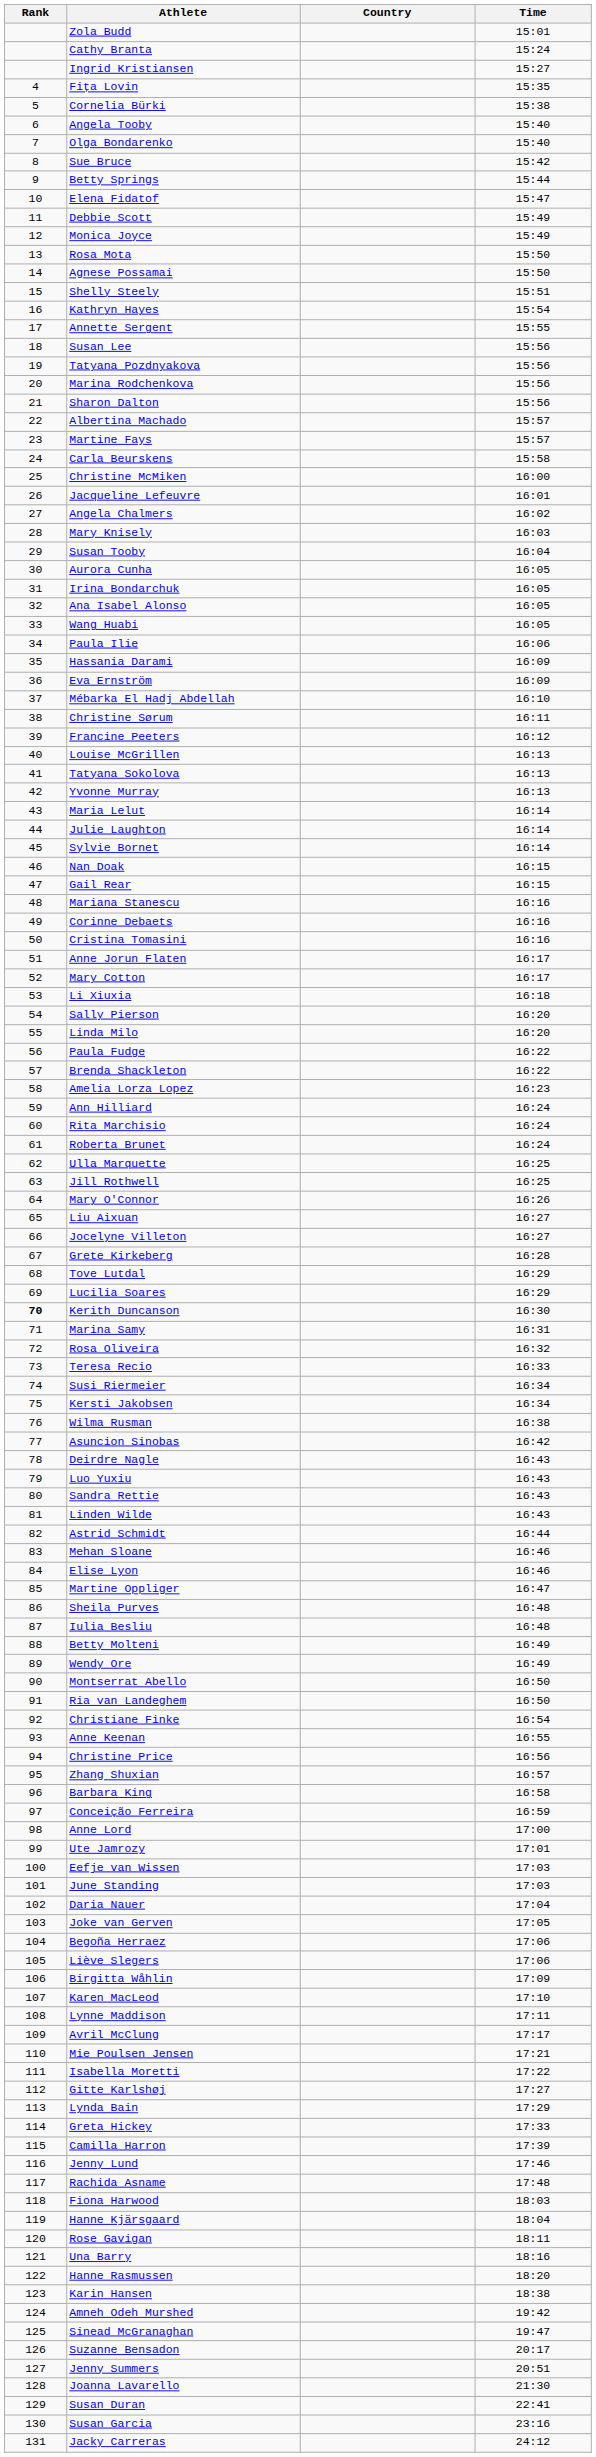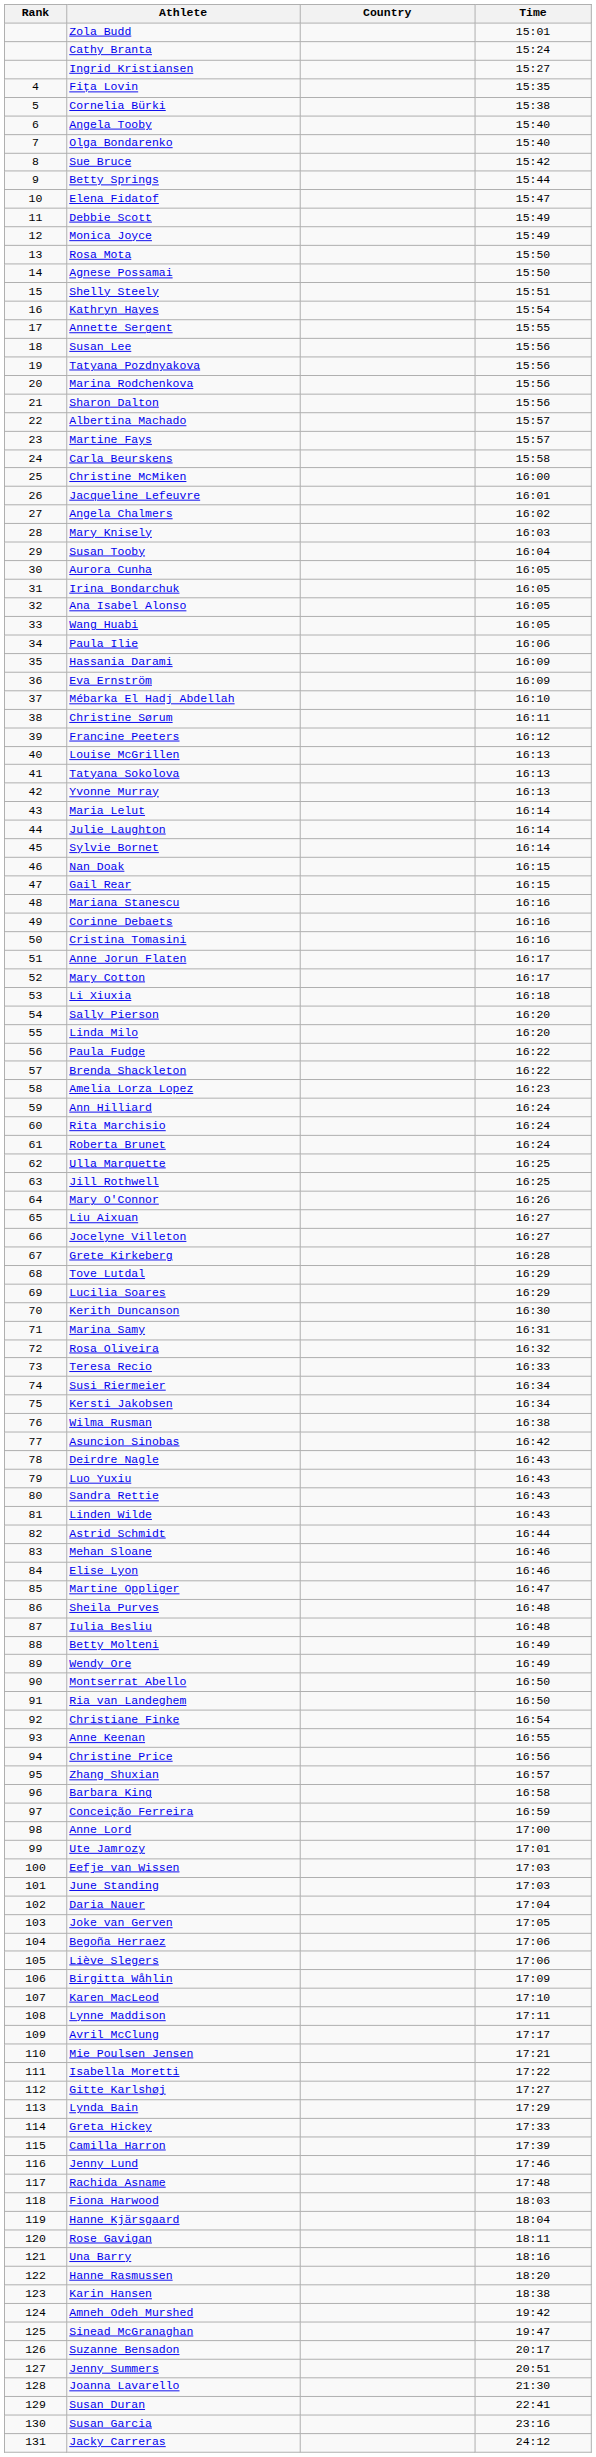 <table class="wikitable sortable" style=" text-align:center; font-size:95%;" width="50%">
 <tr>
 <th width=5%>Rank</th>
 <th width=20%>Athlete</th>
 <th width=15%>Country</th>
 <th width=10%>Time</th>
 </tr>
 <tr>
 <td align=center></td>
 <td align=left><a href='#'>Zola Budd</a></td>
 <td align=left></td>
 <td>15:01</td>
 </tr>
 <tr>
 <td align=center></td>
 <td align=left><a href='#'>Cathy Branta</a></td>
 <td align=left></td>
 <td>15:24</td>
 </tr>
 <tr>
 <td align=center></td>
 <td align=left><a href='#'>Ingrid Kristiansen</a></td>
 <td align=left></td>
 <td>15:27</td>
 </tr>
 <tr>
 <td align=center>4</td>
 <td align=left><a href='#'>Fiţa Lovin</a></td>
 <td align=left></td>
 <td>15:35</td>
 </tr>
 <tr>
 <td align=center>5</td>
 <td align=left><a href='#'>Cornelia Bürki</a></td>
 <td align=left></td>
 <td>15:38</td>
 </tr>
 <tr>
 <td align=center>6</td>
 <td align=left><a href='#'>Angela Tooby</a></td>
 <td align=left></td>
 <td>15:40</td>
 </tr>
 <tr>
 <td align=center>7</td>
 <td align=left><a href='#'>Olga Bondarenko</a></td>
 <td align=left></td>
 <td>15:40</td>
 </tr>
 <tr>
 <td align=center>8</td>
 <td align=left><a href='#'>Sue Bruce</a></td>
 <td align=left></td>
 <td>15:42</td>
 </tr>
 <tr>
 <td align=center>9</td>
 <td align=left><a href='#'>Betty Springs</a></td>
 <td align=left></td>
 <td>15:44</td>
 </tr>
 <tr>
 <td align=center>10</td>
 <td align=left><a href='#'>Elena Fidatof</a></td>
 <td align=left></td>
 <td>15:47</td>
 </tr>
 <tr>
 <td align=center>11</td>
 <td align=left><a href='#'>Debbie Scott</a></td>
 <td align=left></td>
 <td>15:49</td>
 </tr>
 <tr>
 <td align=center>12</td>
 <td align=left><a href='#'>Monica Joyce</a></td>
 <td align=left></td>
 <td>15:49</td>
 </tr>
 <tr>
 <td align=center>13</td>
 <td align=left><a href='#'>Rosa Mota</a></td>
 <td align=left></td>
 <td>15:50</td>
 </tr>
 <tr>
 <td align=center>14</td>
 <td align=left><a href='#'>Agnese Possamai</a></td>
 <td align=left></td>
 <td>15:50</td>
 </tr>
 <tr>
 <td align=center>15</td>
 <td align=left><a href='#'>Shelly Steely</a></td>
 <td align=left></td>
 <td>15:51</td>
 </tr>
 <tr>
 <td align=center>16</td>
 <td align=left><a href='#'>Kathryn Hayes</a></td>
 <td align=left></td>
 <td>15:54</td>
 </tr>
 <tr>
 <td align=center>17</td>
 <td align=left><a href='#'>Annette Sergent</a></td>
 <td align=left></td>
 <td>15:55</td>
 </tr>
 <tr>
 <td align=center>18</td>
 <td align=left><a href='#'>Susan Lee</a></td>
 <td align=left></td>
 <td>15:56</td>
 </tr>
 <tr>
 <td align=center>19</td>
 <td align=left><a href='#'>Tatyana Pozdnyakova</a></td>
 <td align=left></td>
 <td>15:56</td>
 </tr>
 <tr>
 <td align=center>20</td>
 <td align=left><a href='#'>Marina Rodchenkova</a></td>
 <td align=left></td>
 <td>15:56</td>
 </tr>
 <tr>
 <td align=center>21</td>
 <td align=left><a href='#'>Sharon Dalton</a></td>
 <td align=left></td>
 <td>15:56</td>
 </tr>
 <tr>
 <td align=center>22</td>
 <td align=left><a href='#'>Albertina Machado</a></td>
 <td align=left></td>
 <td>15:57</td>
 </tr>
 <tr>
 <td align=center>23</td>
 <td align=left><a href='#'>Martine Fays</a></td>
 <td align=left></td>
 <td>15:57</td>
 </tr>
 <tr>
 <td align=center>24</td>
 <td align=left><a href='#'>Carla Beurskens</a></td>
 <td align=left></td>
 <td>15:58</td>
 </tr>
 <tr>
 <td align=center>25</td>
 <td align=left><a href='#'>Christine McMiken</a></td>
 <td align=left></td>
 <td>16:00</td>
 </tr>
 <tr>
 <td align=center>26</td>
 <td align=left><a href='#'>Jacqueline Lefeuvre</a></td>
 <td align=left></td>
 <td>16:01</td>
 </tr>
 <tr>
 <td align=center>27</td>
 <td align=left><a href='#'>Angela Chalmers</a></td>
 <td align=left></td>
 <td>16:02</td>
 </tr>
 <tr>
 <td align=center>28</td>
 <td align=left><a href='#'>Mary Knisely</a></td>
 <td align=left></td>
 <td>16:03</td>
 </tr>
 <tr>
 <td align=center>29</td>
 <td align=left><a href='#'>Susan Tooby</a></td>
 <td align=left></td>
 <td>16:04</td>
 </tr>
 <tr>
 <td align=center>30</td>
 <td align=left><a href='#'>Aurora Cunha</a></td>
 <td align=left></td>
 <td>16:05</td>
 </tr>
 <tr>
 <td align=center>31</td>
 <td align=left><a href='#'>Irina Bondarchuk</a></td>
 <td align=left></td>
 <td>16:05</td>
 </tr>
 <tr>
 <td align=center>32</td>
 <td align=left><a href='#'>Ana Isabel Alonso</a></td>
 <td align=left></td>
 <td>16:05</td>
 </tr>
 <tr>
 <td align=center>33</td>
 <td align=left><a href='#'>Wang Huabi</a></td>
 <td align=left></td>
 <td>16:05</td>
 </tr>
 <tr>
 <td align=center>34</td>
 <td align=left><a href='#'>Paula Ilie</a></td>
 <td align=left></td>
 <td>16:06</td>
 </tr>
 <tr>
 <td align=center>35</td>
 <td align=left><a href='#'>Hassania Darami</a></td>
 <td align=left></td>
 <td>16:09</td>
 </tr>
 <tr>
 <td align=center>36</td>
 <td align=left><a href='#'>Eva Ernström</a></td>
 <td align=left></td>
 <td>16:09</td>
 </tr>
 <tr>
 <td align=center>37</td>
 <td align=left><a href='#'>Mébarka El Hadj Abdellah</a></td>
 <td align=left></td>
 <td>16:10</td>
 </tr>
 <tr>
 <td align=center>38</td>
 <td align=left><a href='#'>Christine Sørum</a></td>
 <td align=left></td>
 <td>16:11</td>
 </tr>
 <tr>
 <td align=center>39</td>
 <td align=left><a href='#'>Francine Peeters</a></td>
 <td align=left></td>
 <td>16:12</td>
 </tr>
 <tr>
 <td align=center>40</td>
 <td align=left><a href='#'>Louise McGrillen</a></td>
 <td align=left></td>
 <td>16:13</td>
 </tr>
 <tr>
 <td align=center>41</td>
 <td align=left><a href='#'>Tatyana Sokolova</a></td>
 <td align=left></td>
 <td>16:13</td>
 </tr>
 <tr>
 <td align=center>42</td>
 <td align=left><a href='#'>Yvonne Murray</a></td>
 <td align=left></td>
 <td>16:13</td>
 </tr>
 <tr>
 <td align=center>43</td>
 <td align=left><a href='#'>Maria Lelut</a></td>
 <td align=left></td>
 <td>16:14</td>
 </tr>
 <tr>
 <td align=center>44</td>
 <td align=left><a href='#'>Julie Laughton</a></td>
 <td align=left></td>
 <td>16:14</td>
 </tr>
 <tr>
 <td align=center>45</td>
 <td align=left><a href='#'>Sylvie Bornet</a></td>
 <td align=left></td>
 <td>16:14</td>
 </tr>
 <tr>
 <td align=center>46</td>
 <td align=left><a href='#'>Nan Doak</a></td>
 <td align=left></td>
 <td>16:15</td>
 </tr>
 <tr>
 <td align=center>47</td>
 <td align=left><a href='#'>Gail Rear</a></td>
 <td align=left></td>
 <td>16:15</td>
 </tr>
 <tr>
 <td align=center>48</td>
 <td align=left><a href='#'>Mariana Stanescu</a></td>
 <td align=left></td>
 <td>16:16</td>
 </tr>
 <tr>
 <td align=center>49</td>
 <td align=left><a href='#'>Corinne Debaets</a></td>
 <td align=left></td>
 <td>16:16</td>
 </tr>
 <tr>
 <td align=center>50</td>
 <td align=left><a href='#'>Cristina Tomasini</a></td>
 <td align=left></td>
 <td>16:16</td>
 </tr>
 <tr>
 <td align=center>51</td>
 <td align=left><a href='#'>Anne Jorun Flaten</a></td>
 <td align=left></td>
 <td>16:17</td>
 </tr>
 <tr>
 <td align=center>52</td>
 <td align=left><a href='#'>Mary Cotton</a></td>
 <td align=left></td>
 <td>16:17</td>
 </tr>
 <tr>
 <td align=center>53</td>
 <td align=left><a href='#'>Li Xiuxia</a></td>
 <td align=left></td>
 <td>16:18</td>
 </tr>
 <tr>
 <td align=center>54</td>
 <td align=left><a href='#'>Sally Pierson</a></td>
 <td align=left></td>
 <td>16:20</td>
 </tr>
 <tr>
 <td align=center>55</td>
 <td align=left><a href='#'>Linda Milo</a></td>
 <td align=left></td>
 <td>16:20</td>
 </tr>
 <tr>
 <td align=center>56</td>
 <td align=left><a href='#'>Paula Fudge</a></td>
 <td align=left></td>
 <td>16:22</td>
 </tr>
 <tr>
 <td align=center>57</td>
 <td align=left><a href='#'>Brenda Shackleton</a></td>
 <td align=left></td>
 <td>16:22</td>
 </tr>
 <tr>
 <td align=center>58</td>
 <td align=left><a href='#'>Amelia Lorza Lopez</a></td>
 <td align=left></td>
 <td>16:23</td>
 </tr>
 <tr>
 <td align=center>59</td>
 <td align=left><a href='#'>Ann Hilliard</a></td>
 <td align=left></td>
 <td>16:24</td>
 </tr>
 <tr>
 <td align=center>60</td>
 <td align=left><a href='#'>Rita Marchisio</a></td>
 <td align=left></td>
 <td>16:24</td>
 </tr>
 <tr>
 <td align=center>61</td>
 <td align=left><a href='#'>Roberta Brunet</a></td>
 <td align=left></td>
 <td>16:24</td>
 </tr>
 <tr>
 <td align=center>62</td>
 <td align=left><a href='#'>Ulla Marquette</a></td>
 <td align=left></td>
 <td>16:25</td>
 </tr>
 <tr>
 <td align=center>63</td>
 <td align=left><a href='#'>Jill Rothwell</a></td>
 <td align=left></td>
 <td>16:25</td>
 </tr>
 <tr>
 <td align=center>64</td>
 <td align=left><a href='#'>Mary O'Connor</a></td>
 <td align=left></td>
 <td>16:26</td>
 </tr>
 <tr>
 <td align=center>65</td>
 <td align=left><a href='#'>Liu Aixuan</a></td>
 <td align=left></td>
 <td>16:27</td>
 </tr>
 <tr>
 <td align=center>66</td>
 <td align=left><a href='#'>Jocelyne Villeton</a></td>
 <td align=left></td>
 <td>16:27</td>
 </tr>
 <tr>
 <td align=center>67</td>
 <td align=left><a href='#'>Grete Kirkeberg</a></td>
 <td align=left></td>
 <td>16:28</td>
 </tr>
 <tr>
 <td align=center>68</td>
 <td align=left><a href='#'>Tove Lutdal</a></td>
 <td align=left></td>
 <td>16:29</td>
 </tr>
 <tr>
 <td align=center>69</td>
 <td align=left><a href='#'>Lucilia Soares</a></td>
 <td align=left></td>
 <td>16:29</td>
 </tr>
 <tr>
-<td align=center><strong>70</strong></td>
+<td align=center>70</td>
 <td align=left><a href='#'>Kerith Duncanson</a></td>
 <td align=left></td>
 <td>16:30</td>
 </tr>
 <tr>
 <td align=center>71</td>
 <td align=left><a href='#'>Marina Samy</a></td>
 <td align=left></td>
 <td>16:31</td>
 </tr>
 <tr>
 <td align=center>72</td>
 <td align=left><a href='#'>Rosa Oliveira</a></td>
 <td align=left></td>
 <td>16:32</td>
 </tr>
 <tr>
 <td align=center>73</td>
 <td align=left><a href='#'>Teresa Recio</a></td>
 <td align=left></td>
 <td>16:33</td>
 </tr>
 <tr>
 <td align=center>74</td>
 <td align=left><a href='#'>Susi Riermeier</a></td>
 <td align=left></td>
 <td>16:34</td>
 </tr>
 <tr>
 <td align=center>75</td>
 <td align=left><a href='#'>Kersti Jakobsen</a></td>
 <td align=left></td>
 <td>16:34</td>
 </tr>
 <tr>
 <td align=center>76</td>
 <td align=left><a href='#'>Wilma Rusman</a></td>
 <td align=left></td>
 <td>16:38</td>
 </tr>
 <tr>
 <td align=center>77</td>
 <td align=left><a href='#'>Asuncion Sinobas</a></td>
 <td align=left></td>
 <td>16:42</td>
 </tr>
 <tr>
 <td align=center>78</td>
 <td align=left><a href='#'>Deirdre Nagle</a></td>
 <td align=left></td>
 <td>16:43</td>
 </tr>
 <tr>
 <td align=center>79</td>
 <td align=left><a href='#'>Luo Yuxiu</a></td>
 <td align=left></td>
 <td>16:43</td>
 </tr>
 <tr>
 <td align=center>80</td>
 <td align=left><a href='#'>Sandra Rettie</a></td>
 <td align=left></td>
 <td>16:43</td>
 </tr>
 <tr>
 <td align=center>81</td>
 <td align=left><a href='#'>Linden Wilde</a></td>
 <td align=left></td>
 <td>16:43</td>
 </tr>
 <tr>
 <td align=center>82</td>
 <td align=left><a href='#'>Astrid Schmidt</a></td>
 <td align=left></td>
 <td>16:44</td>
 </tr>
 <tr>
 <td align=center>83</td>
 <td align=left><a href='#'>Mehan Sloane</a></td>
 <td align=left></td>
 <td>16:46</td>
 </tr>
 <tr>
 <td align=center>84</td>
 <td align=left><a href='#'>Elise Lyon</a></td>
 <td align=left></td>
 <td>16:46</td>
 </tr>
 <tr>
 <td align=center>85</td>
 <td align=left><a href='#'>Martine Oppliger</a></td>
 <td align=left></td>
 <td>16:47</td>
 </tr>
 <tr>
 <td align=center>86</td>
 <td align=left><a href='#'>Sheila Purves</a></td>
 <td align=left></td>
 <td>16:48</td>
 </tr>
 <tr>
 <td align=center>87</td>
 <td align=left><a href='#'>Iulia Besliu</a></td>
 <td align=left></td>
 <td>16:48</td>
 </tr>
 <tr>
 <td align=center>88</td>
 <td align=left><a href='#'>Betty Molteni</a></td>
 <td align=left></td>
 <td>16:49</td>
 </tr>
 <tr>
 <td align=center>89</td>
 <td align=left><a href='#'>Wendy Ore</a></td>
 <td align=left></td>
 <td>16:49</td>
 </tr>
 <tr>
 <td align=center>90</td>
 <td align=left><a href='#'>Montserrat Abello</a></td>
 <td align=left></td>
 <td>16:50</td>
 </tr>
 <tr>
 <td align=center>91</td>
 <td align=left><a href='#'>Ria van Landeghem</a></td>
 <td align=left></td>
 <td>16:50</td>
 </tr>
 <tr>
 <td align=center>92</td>
 <td align=left><a href='#'>Christiane Finke</a></td>
 <td align=left></td>
 <td>16:54</td>
 </tr>
 <tr>
 <td align=center>93</td>
 <td align=left><a href='#'>Anne Keenan</a></td>
 <td align=left></td>
 <td>16:55</td>
 </tr>
 <tr>
 <td align=center>94</td>
 <td align=left><a href='#'>Christine Price</a></td>
 <td align=left></td>
 <td>16:56</td>
 </tr>
 <tr>
 <td align=center>95</td>
 <td align=left><a href='#'>Zhang Shuxian</a></td>
 <td align=left></td>
 <td>16:57</td>
 </tr>
 <tr>
 <td align=center>96</td>
 <td align=left><a href='#'>Barbara King</a></td>
 <td align=left></td>
 <td>16:58</td>
 </tr>
 <tr>
 <td align=center>97</td>
 <td align=left><a href='#'>Conceição Ferreira</a></td>
 <td align=left></td>
 <td>16:59</td>
 </tr>
 <tr>
 <td align=center>98</td>
 <td align=left><a href='#'>Anne Lord</a></td>
 <td align=left></td>
 <td>17:00</td>
 </tr>
 <tr>
 <td align=center>99</td>
 <td align=left><a href='#'>Ute Jamrozy</a></td>
 <td align=left></td>
 <td>17:01</td>
 </tr>
 <tr>
 <td align=center>100</td>
 <td align=left><a href='#'>Eefje van Wissen</a></td>
 <td align=left></td>
 <td>17:03</td>
 </tr>
 <tr>
 <td align=center>101</td>
 <td align=left><a href='#'>June Standing</a></td>
 <td align=left></td>
 <td>17:03</td>
 </tr>
 <tr>
 <td align=center>102</td>
 <td align=left><a href='#'>Daria Nauer</a></td>
 <td align=left></td>
 <td>17:04</td>
 </tr>
 <tr>
 <td align=center>103</td>
 <td align=left><a href='#'>Joke van Gerven</a></td>
 <td align=left></td>
 <td>17:05</td>
 </tr>
 <tr>
 <td align=center>104</td>
 <td align=left><a href='#'>Begoña Herraez</a></td>
 <td align=left></td>
 <td>17:06</td>
 </tr>
 <tr>
 <td align=center>105</td>
 <td align=left><a href='#'>Liève Slegers</a></td>
 <td align=left></td>
 <td>17:06</td>
 </tr>
 <tr>
 <td align=center>106</td>
 <td align=left><a href='#'>Birgitta Wåhlin</a></td>
 <td align=left></td>
 <td>17:09</td>
 </tr>
 <tr>
 <td align=center>107</td>
 <td align=left><a href='#'>Karen MacLeod</a></td>
 <td align=left></td>
 <td>17:10</td>
 </tr>
 <tr>
 <td align=center>108</td>
 <td align=left><a href='#'>Lynne Maddison</a></td>
 <td align=left></td>
 <td>17:11</td>
 </tr>
 <tr>
 <td align=center>109</td>
 <td align=left><a href='#'>Avril McClung</a></td>
 <td align=left></td>
 <td>17:17</td>
 </tr>
 <tr>
 <td align=center>110</td>
 <td align=left><a href='#'>Mie Poulsen Jensen</a></td>
 <td align=left></td>
 <td>17:21</td>
 </tr>
 <tr>
 <td align=center>111</td>
 <td align=left><a href='#'>Isabella Moretti</a></td>
 <td align=left></td>
 <td>17:22</td>
 </tr>
 <tr>
 <td align=center>112</td>
 <td align=left><a href='#'>Gitte Karlshøj</a></td>
 <td align=left></td>
 <td>17:27</td>
 </tr>
 <tr>
 <td align=center>113</td>
 <td align=left><a href='#'>Lynda Bain</a></td>
 <td align=left></td>
 <td>17:29</td>
 </tr>
 <tr>
 <td align=center>114</td>
 <td align=left><a href='#'>Greta Hickey</a></td>
 <td align=left></td>
 <td>17:33</td>
 </tr>
 <tr>
 <td align=center>115</td>
 <td align=left><a href='#'>Camilla Harron</a></td>
 <td align=left></td>
 <td>17:39</td>
 </tr>
 <tr>
 <td align=center>116</td>
 <td align=left><a href='#'>Jenny Lund</a></td>
 <td align=left></td>
 <td>17:46</td>
 </tr>
 <tr>
 <td align=center>117</td>
 <td align=left><a href='#'>Rachida Asname</a></td>
 <td align=left></td>
 <td>17:48</td>
 </tr>
 <tr>
 <td align=center>118</td>
 <td align=left><a href='#'>Fiona Harwood</a></td>
 <td align=left></td>
 <td>18:03</td>
 </tr>
 <tr>
 <td align=center>119</td>
 <td align=left><a href='#'>Hanne Kjärsgaard</a></td>
 <td align=left></td>
 <td>18:04</td>
 </tr>
 <tr>
 <td align=center>120</td>
 <td align=left><a href='#'>Rose Gavigan</a></td>
 <td align=left></td>
 <td>18:11</td>
 </tr>
 <tr>
 <td align=center>121</td>
 <td align=left><a href='#'>Una Barry</a></td>
 <td align=left></td>
 <td>18:16</td>
 </tr>
 <tr>
 <td align=center>122</td>
 <td align=left><a href='#'>Hanne Rasmussen</a></td>
 <td align=left></td>
 <td>18:20</td>
 </tr>
 <tr>
 <td align=center>123</td>
 <td align=left><a href='#'>Karin Hansen</a></td>
 <td align=left></td>
 <td>18:38</td>
 </tr>
 <tr>
 <td align=center>124</td>
 <td align=left><a href='#'>Amneh Odeh Murshed</a></td>
 <td align=left></td>
 <td>19:42</td>
 </tr>
 <tr>
 <td align=center>125</td>
 <td align=left><a href='#'>Sinead McGranaghan</a></td>
 <td align=left></td>
 <td>19:47</td>
 </tr>
 <tr>
 <td align=center>126</td>
 <td align=left><a href='#'>Suzanne Bensadon</a></td>
 <td align=left></td>
 <td>20:17</td>
 </tr>
 <tr>
 <td align=center>127</td>
 <td align=left><a href='#'>Jenny Summers</a></td>
 <td align=left></td>
 <td>20:51</td>
 </tr>
 <tr>
 <td align=center>128</td>
 <td align=left><a href='#'>Joanna Lavarello</a></td>
 <td align=left></td>
 <td>21:30</td>
 </tr>
 <tr>
 <td align=center>129</td>
 <td align=left><a href='#'>Susan Duran</a></td>
 <td align=left></td>
 <td>22:41</td>
 </tr>
 <tr>
 <td align=center>130</td>
 <td align=left><a href='#'>Susan Garcia</a></td>
 <td align=left></td>
 <td>23:16</td>
 </tr>
 <tr>
 <td align=center>131</td>
 <td align=left><a href='#'>Jacky Carreras</a></td>
 <td align=left></td>
 <td>24:12</td>
 </tr>
 </table>
